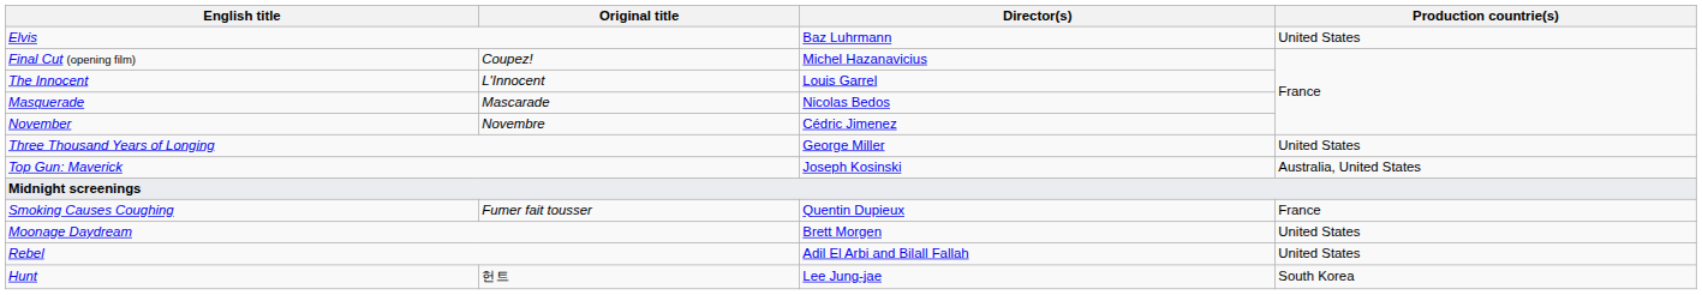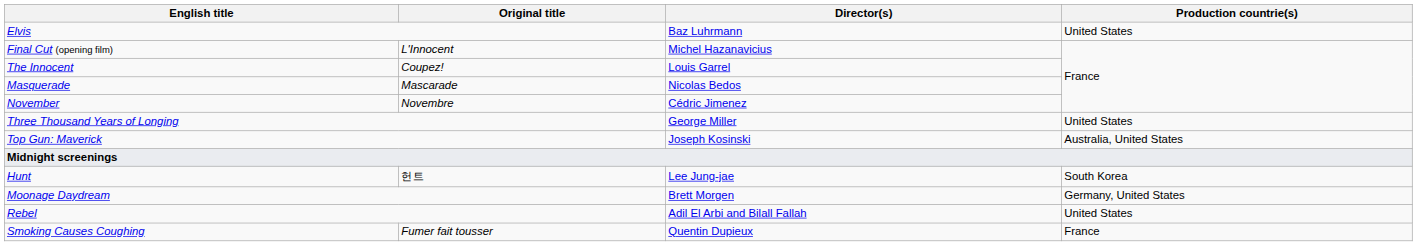 <table class="wikitable" style="width:100%; margin-bottom:4px">
 <tr>
 <th scope="col">English title</th>
 <th scope="col">Original title</th>
 <th scope="col">Director(s)</th>
 <th scope="col">Production countrie(s)</th>
 </tr>
 <tr>
 <td colspan=2><em><a href='#'>Elvis</a></em></td>
 <td><a href='#'>Baz Luhrmann</a></td>
 <td>United States</td>
 </tr>
 <tr>
 <td><em><a href='#'>Final Cut</a></em> <small>(opening film)</small></td>
-<td><em>Coupez!</em></td>
+<td><em>L'Innocent</em></td>
 <td><a href='#'>Michel Hazanavicius</a></td>
 <td rowspan="4">France</td>
 </tr>
 <tr>
 <td><em><a href='#'>The Innocent</a></em></td>
-<td><em>L'Innocent</em></td>
+<td><em>Coupez!</em></td>
 <td><a href='#'>Louis Garrel</a></td>
 </tr>
 <tr>
 <td><em><a href='#'>Masquerade</a></em></td>
 <td><em>Mascarade</em></td>
 <td><a href='#'>Nicolas Bedos</a></td>
 </tr>
 <tr>
 <td><em><a href='#'>November</a></em></td>
 <td><em>Novembre</em></td>
 <td><a href='#'>Cédric Jimenez</a></td>
 </tr>
 <tr>
 <td colspan=2><em><a href='#'>Three Thousand Years of Longing</a></em></td>
 <td><a href='#'>George Miller</a></td>
 <td>United States</td>
 </tr>
 <tr>
 <td colspan=2><em><a href='#'>Top Gun: Maverick</a></em></td>
 <td><a href='#'>Joseph Kosinski</a></td>
 <td>Australia, United States</td>
 </tr>
 <tr>
 <td colspan=4 class="center" style="padding-center:120px; background-color:#EAECF0"><strong>Midnight screenings</strong></td>
 </tr>
 <tr>
-<td><em><a href='#'>Smoking Causes Coughing</a></em></td>
-<td><em>Fumer fait tousser</em></td>
-<td><a href='#'>Quentin Dupieux</a></td>
-<td>France</td>
+<td><em><a href='#'>Hunt</a></em></td>
+<td>헌트</td>
+<td><a href='#'>Lee Jung-jae</a></td>
+<td>South Korea</td>
 </tr>
 <tr>
 <td colspan=2><em><a href='#'>Moonage Daydream</a></em></td>
 <td><a href='#'>Brett Morgen</a></td>
-<td>United States</td>
+<td>Germany, United States</td>
 </tr>
 <tr>
 <td colspan=2><em><a href='#'>Rebel</a></em></td>
 <td><a href='#'>Adil El Arbi and Bilall Fallah</a></td>
 <td>United States</td>
 </tr>
 <tr>
-<td><em><a href='#'>Hunt</a></em></td>
-<td>헌트</td>
-<td><a href='#'>Lee Jung-jae</a></td>
-<td>South Korea</td>
+<td><em><a href='#'>Smoking Causes Coughing</a></em></td>
+<td><em>Fumer fait tousser</em></td>
+<td><a href='#'>Quentin Dupieux</a></td>
+<td>France</td>
 </tr>
 </table>
